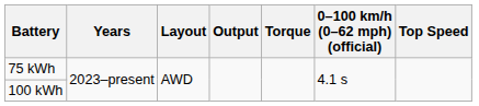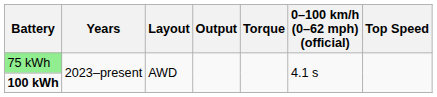 <table class="wikitable collapsible" style="text-align:left; font-size:90%;">
 <tr>
 <th>Battery</th>
 <th>Years</th>
 <th>Layout</th>
 <th>Output</th>
 <th>Torque</th>
 <th>0–100 km/h<br>(0–62 mph)<br>(official)</th>
 <th>Top Speed</th>
 </tr>
 <tr>
-<td>75 kWh</td>
+<td style="background: lightgreen;">75 kWh</td>
 <td rowspan="2">2023–present</td>
 <td rowspan="2">AWD</td>
 <td rowspan="2"></td>
 <td rowspan="2"></td>
 <td rowspan="2">4.1 s</td>
 <td rowspan="2"></td>
 </tr>
 <tr>
-<td>100 kWh</td>
+<td><strong>100 kWh</strong></td>
 </tr>
 </table>
